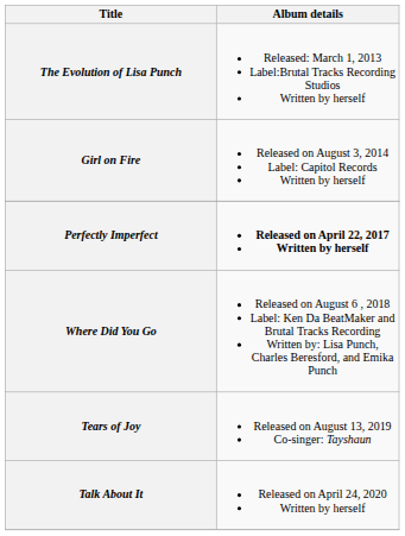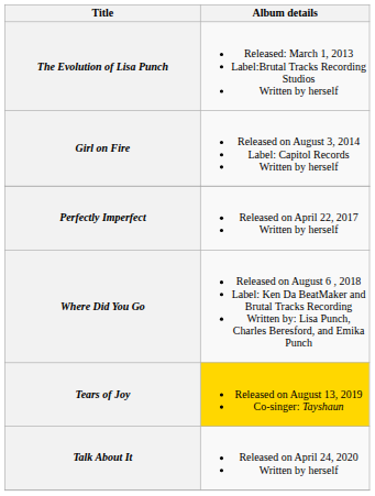 <table class="wikitable plainrowheaders" style="text-align:center;" border="1">
 <tr>
 <th scope="col" style="width:17.5em;">Title</th>
 <th scope="col" style="width:15em;">Album details</th>
 </tr>
 <tr>
 <th scope="row"><em>The Evolution of Lisa Punch</em></th>
 <td><br><ul><li>Released: March 1, 2013</li><li>Label:Brutal Tracks Recording Studios</li><li>Written by herself</li></ul></td>
 </tr>
 <tr>
 <th scope="row"><em>Girl on Fire</em> </th>
 <td><br><ul><li>Released on August 3, 2014</li><li>Label: Capitol Records</li><li>Written by herself</li></ul></td>
 </tr>
 <tr>
 </tr>
 <tr>
 <th scope="row"><em>Perfectly Imperfect</em> </th>
-<td><strong><br><ul><li>Released on April 22, 2017</li><li>Written by herself</li></ul></strong></td>
+<td><br><ul><li>Released on April 22, 2017</li><li>Written by herself</li></ul></td>
 </tr>
 <tr>
 <th scope="row"><em>Where Did You Go</em></th>
 <td><br><ul><li>Released on August 6 , 2018</li><li>Label: Ken Da BeatMaker and Brutal Tracks Recording</li><li>Written by: Lisa Punch, Charles Beresford, and Emika Punch</li></ul></td>
 </tr>
 <tr>
 <th scope="row"><em>Tears of Joy</em></th>
-<td><br><ul><li>Released on August 13, 2019</li><li>Co-singer: <em>Tayshaun</em></li></ul></td>
+<td style="background: gold;"><br><ul><li>Released on August 13, 2019</li><li>Co-singer: <em>Tayshaun</em></li></ul></td>
 </tr>
 <tr>
 <th scope="row"><em>Talk About It</em></th>
 <td><br><ul><li>Released on April 24, 2020</li><li>Written by herself</li></ul></td>
 </tr>
 <tr>
 </tr>
 </table>
